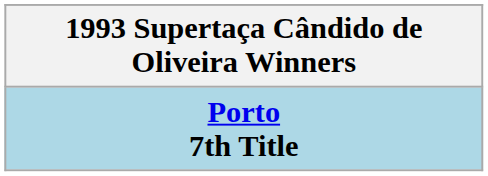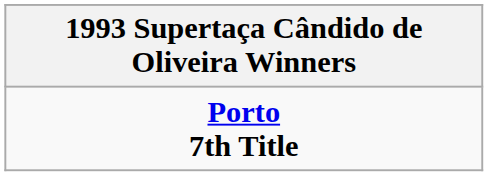 <table class="wikitable" style="text-align: center; margin: 0 auto; width: 20%">
 <tr>
 <th>1993 Supertaça Cândido de Oliveira Winners</th>
 </tr>
 <tr>
-<td style="background: lightblue;"><strong><a href='#'>Porto</a></strong><br><strong>7th Title</strong></td>
+<td><strong><a href='#'>Porto</a></strong><br><strong>7th Title</strong></td>
 </tr>
 </table>
